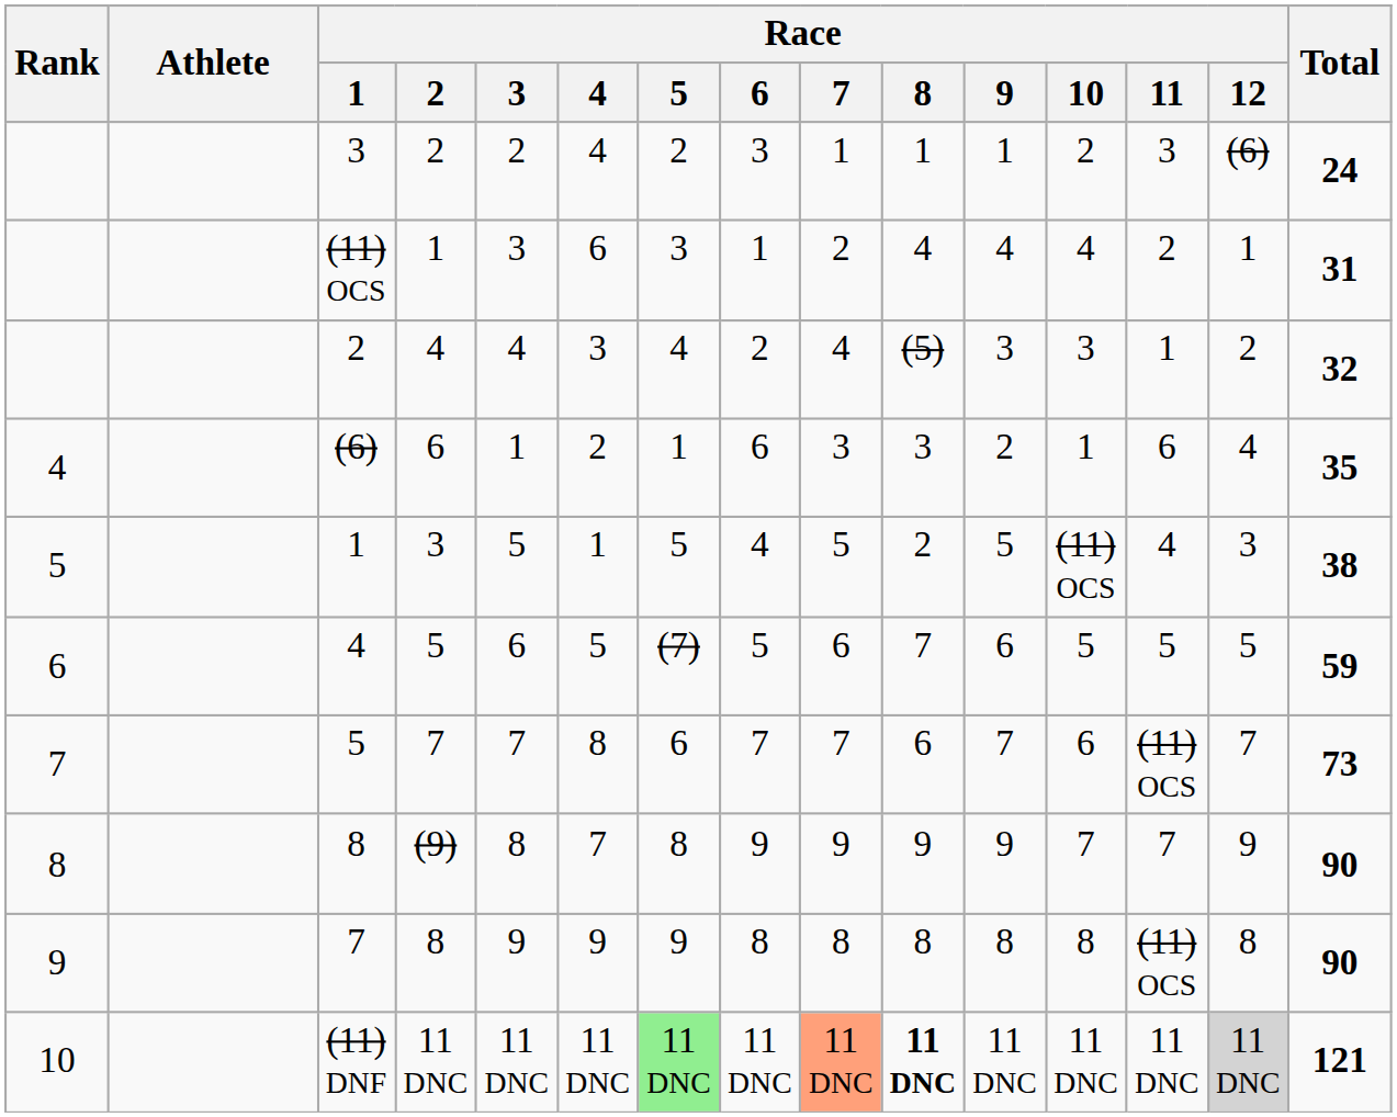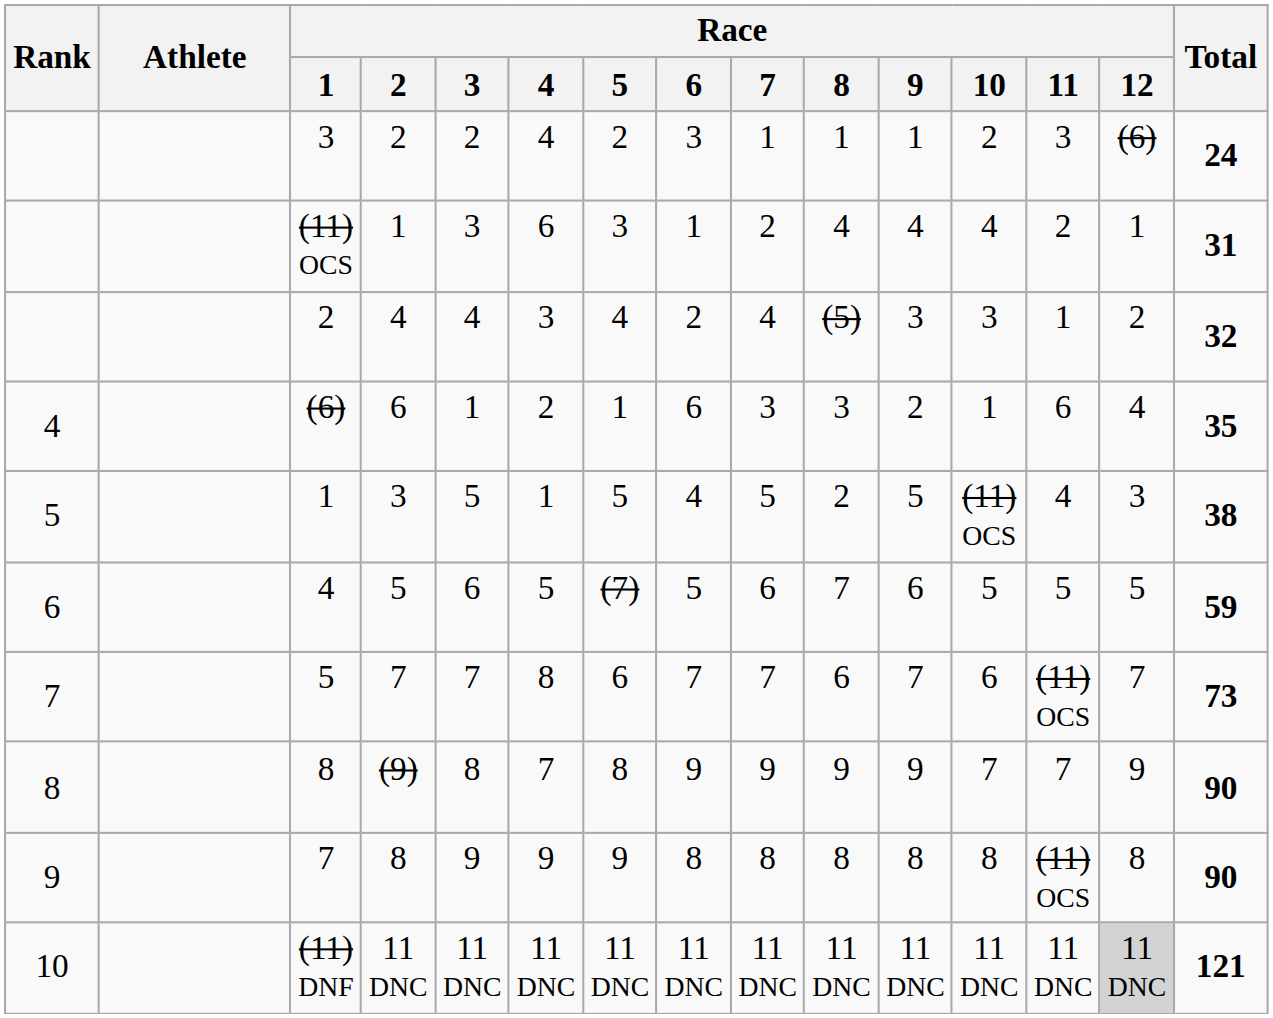 <table | class="wikitable" style="text-align:center">
 <tr>
 <th rowspan="2" width=40>Rank</th>
 <th rowspan="2" width=250>Athlete</th>
 <th colspan="12">Race</th>
 <th rowspan="2" width=50>Total</th>
 </tr>
 <tr>
 <th width=25>1</th>
 <th width=25>2</th>
 <th width=25>3</th>
 <th width=25>4</th>
 <th width=25>5</th>
 <th width=25>6</th>
 <th width=25>7</th>
 <th width=25>8</th>
 <th width=25>9</th>
 <th width=25>10</th>
 <th width=25>11</th>
 <th width=25>12</th>
 </tr>
 <tr>
 <td></td>
 <td align=left></td>
 <td>3<br> </td>
 <td>2<br> </td>
 <td>2<br> </td>
 <td>4<br> </td>
 <td>2<br> </td>
 <td>3<br> </td>
 <td>1<br> </td>
 <td>1<br> </td>
 <td>1<br> </td>
 <td>2<br> </td>
 <td>3<br> </td>
 <td><s>(6)</s><br> </td>
 <td><strong>24</strong></td>
 </tr>
 <tr>
 <td></td>
 <td align=left></td>
 <td><s>(11)</s><br><small>OCS</small></td>
 <td>1<br> </td>
 <td>3<br> </td>
 <td>6<br> </td>
 <td>3<br> </td>
 <td>1<br> </td>
 <td>2<br> </td>
 <td>4<br> </td>
 <td>4<br> </td>
 <td>4<br> </td>
 <td>2<br> </td>
 <td>1<br> </td>
 <td><strong>31</strong></td>
 </tr>
 <tr>
 <td></td>
 <td align=left></td>
 <td>2<br> </td>
 <td>4<br> </td>
 <td>4<br> </td>
 <td>3<br> </td>
 <td>4<br> </td>
 <td>2<br> </td>
 <td>4<br> </td>
 <td><s>(5)</s><br> </td>
 <td>3<br> </td>
 <td>3<br> </td>
 <td>1<br> </td>
 <td>2<br> </td>
 <td><strong>32</strong></td>
 </tr>
 <tr>
 <td>4</td>
 <td align=left></td>
 <td><s>(6)</s><br> </td>
 <td>6<br> </td>
 <td>1<br> </td>
 <td>2<br> </td>
 <td>1<br> </td>
 <td>6<br> </td>
 <td>3<br> </td>
 <td>3<br> </td>
 <td>2<br> </td>
 <td>1<br> </td>
 <td>6<br> </td>
 <td>4<br> </td>
 <td><strong>35</strong></td>
 </tr>
 <tr>
 <td>5</td>
 <td align=left></td>
 <td>1<br> </td>
 <td>3<br> </td>
 <td>5<br> </td>
 <td>1<br> </td>
 <td>5<br> </td>
 <td>4<br> </td>
 <td>5<br> </td>
 <td>2<br> </td>
 <td>5<br> </td>
 <td><s>(11)</s><br><small>OCS</small></td>
 <td>4<br> </td>
 <td>3<br> </td>
 <td><strong>38</strong></td>
 </tr>
 <tr>
 <td>6</td>
 <td align=left></td>
 <td>4<br> </td>
 <td>5<br> </td>
 <td>6<br> </td>
 <td>5<br> </td>
 <td><s>(7)</s><br> </td>
 <td>5<br> </td>
 <td>6<br> </td>
 <td>7<br> </td>
 <td>6<br> </td>
 <td>5<br> </td>
 <td>5<br> </td>
 <td>5<br> </td>
 <td><strong>59</strong></td>
 </tr>
 <tr>
 <td>7</td>
 <td align=left></td>
 <td>5<br> </td>
 <td>7<br> </td>
 <td>7<br> </td>
 <td>8<br> </td>
 <td>6<br> </td>
 <td>7<br> </td>
 <td>7<br> </td>
 <td>6<br> </td>
 <td>7<br> </td>
 <td>6<br> </td>
 <td><s>(11)</s><br><small>OCS</small></td>
 <td>7<br> </td>
 <td><strong>73</strong></td>
 </tr>
 <tr>
 <td>8</td>
 <td align=left></td>
 <td>8<br> </td>
 <td><s>(9)</s><br> </td>
 <td>8<br> </td>
 <td>7<br> </td>
 <td>8<br> </td>
 <td>9<br> </td>
 <td>9<br> </td>
 <td>9<br> </td>
 <td>9<br> </td>
 <td>7<br> </td>
 <td>7<br> </td>
 <td>9<br> </td>
 <td><strong>90</strong></td>
 </tr>
 <tr>
 <td>9</td>
 <td align=left></td>
 <td>7<br> </td>
 <td>8<br> </td>
 <td>9<br> </td>
 <td>9<br> </td>
 <td>9<br> </td>
 <td>8<br> </td>
 <td>8<br> </td>
 <td>8<br> </td>
 <td>8<br> </td>
 <td>8<br> </td>
 <td><s>(11)</s><br><small>OCS</small></td>
 <td>8<br> </td>
 <td><strong>90</strong></td>
 </tr>
 <tr>
 <td>10</td>
 <td align=left></td>
 <td><s>(11)</s><br><small>DNF</small></td>
 <td>11<br><small>DNC</small></td>
 <td>11<br><small>DNC</small></td>
 <td>11<br><small>DNC</small></td>
-<td style="background: lightgreen;">11<br><small>DNC</small></td>
 <td>11<br><small>DNC</small></td>
-<td style="background: lightsalmon;">11<br><small>DNC</small></td>
-<td><strong>11<br><small>DNC</small></strong></td>
+<td>11<br><small>DNC</small></td>
+<td>11<br><small>DNC</small></td>
+<td>11<br><small>DNC</small></td>
 <td>11<br><small>DNC</small></td>
 <td>11<br><small>DNC</small></td>
 <td>11<br><small>DNC</small></td>
 <td style="background: lightgrey;">11<br><small>DNC</small></td>
 <td><strong>121</strong></td>
 </tr>
 </table>
